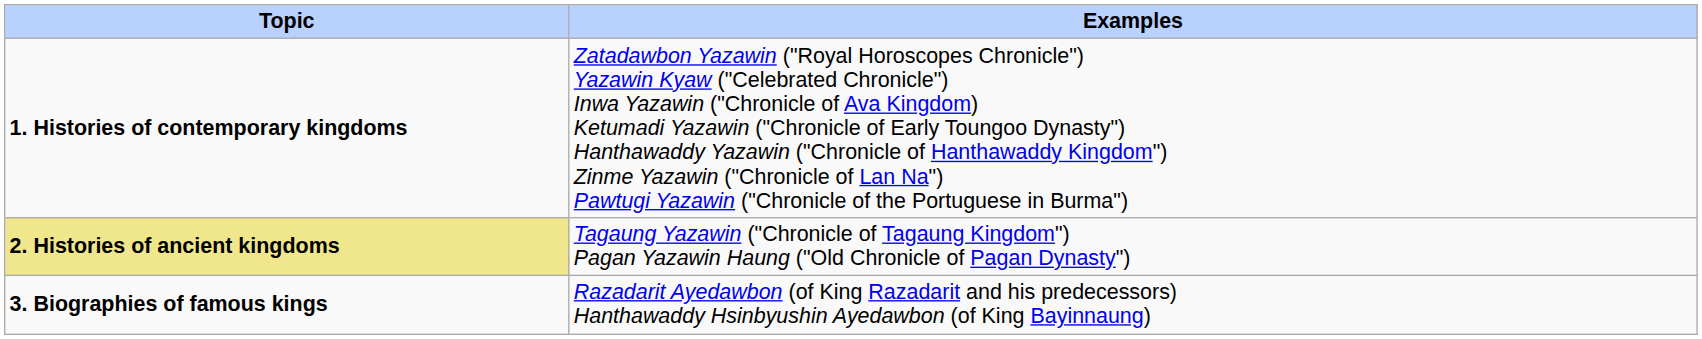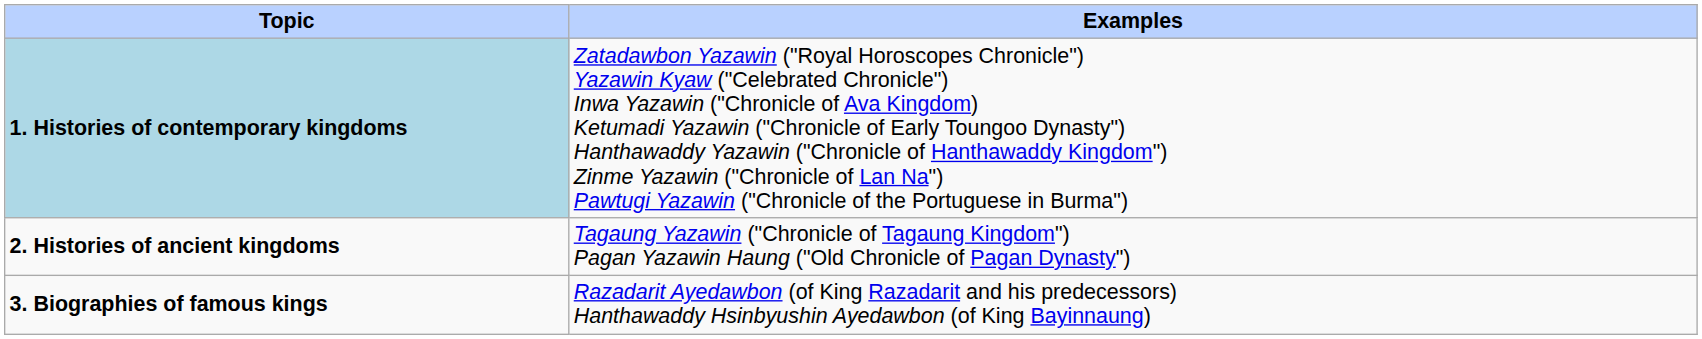 <table width=100% class="wikitable" border="1">
 <tr>
 <th style="background-color:#B9D1FF" width=25%>Topic</th>
 <th style="background-color:#B9D1FF" width=50%>Examples</th>
 </tr>
 <tr>
-<td><strong>1.  Histories of contemporary kingdoms</strong></td>
+<td style="background: lightblue;"><strong>1.  Histories of contemporary kingdoms</strong></td>
 <td><em><a href='#'>Zatadawbon Yazawin</a></em> ("Royal Horoscopes Chronicle") <br> <em><a href='#'>Yazawin Kyaw</a></em> ("Celebrated Chronicle") <br> <em>Inwa Yazawin</em> ("Chronicle of <a href='#'>Ava Kingdom</a>) <br> <em>Ketumadi Yazawin</em> ("Chronicle of Early Toungoo Dynasty") <br> <em>Hanthawaddy Yazawin</em> ("Chronicle of <a href='#'>Hanthawaddy Kingdom</a>") <br> <em>Zinme Yazawin</em> ("Chronicle of <a href='#'>Lan Na</a>") <br> <em><a href='#'>Pawtugi Yazawin</a></em> ("Chronicle of the Portuguese in Burma")</td>
 </tr>
 <tr>
-<td style="background: khaki;"><strong>2.  Histories of ancient kingdoms</strong></td>
+<td><strong>2.  Histories of ancient kingdoms</strong></td>
 <td><em><a href='#'>Tagaung Yazawin</a></em> ("Chronicle of <a href='#'>Tagaung Kingdom</a>") <br> <em>Pagan Yazawin Haung</em> ("Old Chronicle of <a href='#'>Pagan Dynasty</a>")</td>
 </tr>
 <tr>
 <td><strong>3.  Biographies of famous kings</strong></td>
 <td><em><a href='#'>Razadarit Ayedawbon</a></em> (of King <a href='#'>Razadarit</a> and his predecessors) <br> <em>Hanthawaddy Hsinbyushin Ayedawbon</em> (of King <a href='#'>Bayinnaung</a>)</td>
 </tr>
 </table>
